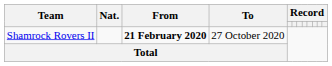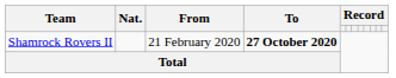 <table class="wikitable" style="text-align: center">
 <tr>
 <th rowspan="2">Team</th>
 <th rowspan="2">Nat.</th>
 <th rowspan="2">From</th>
 <th rowspan="2">To</th>
 <th colspan="8">Record</th>
 </tr>
 <tr>
 <th></th>
 <th></th>
 <th></th>
 <th></th>
 <th></th>
 <th></th>
 <th></th>
 <th></th>
 </tr>
 <tr>
 <td align="left"><a href='#'>Shamrock Rovers II</a></td>
 <td></td>
-<td align="left"><strong>21 February 2020</strong></td>
-<td align="left">27 October 2020<br></td>
+<td align="left">21 February 2020</td>
+<td align="left"><strong>27 October 2020<br></strong></td>
 </tr>
 <tr>
 <th colspan="4">Total<br></th>
 </tr>
 </table>
